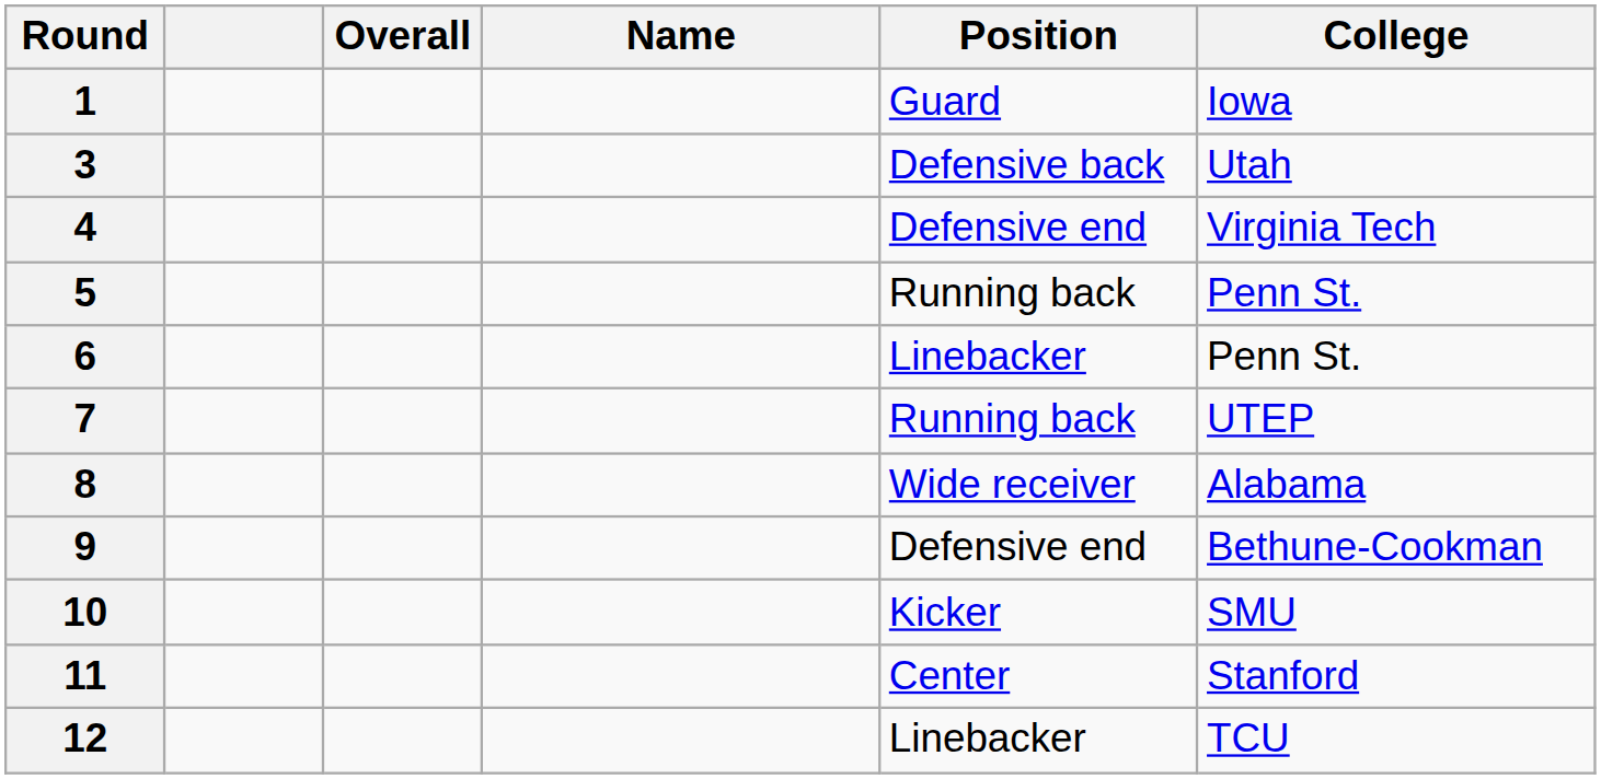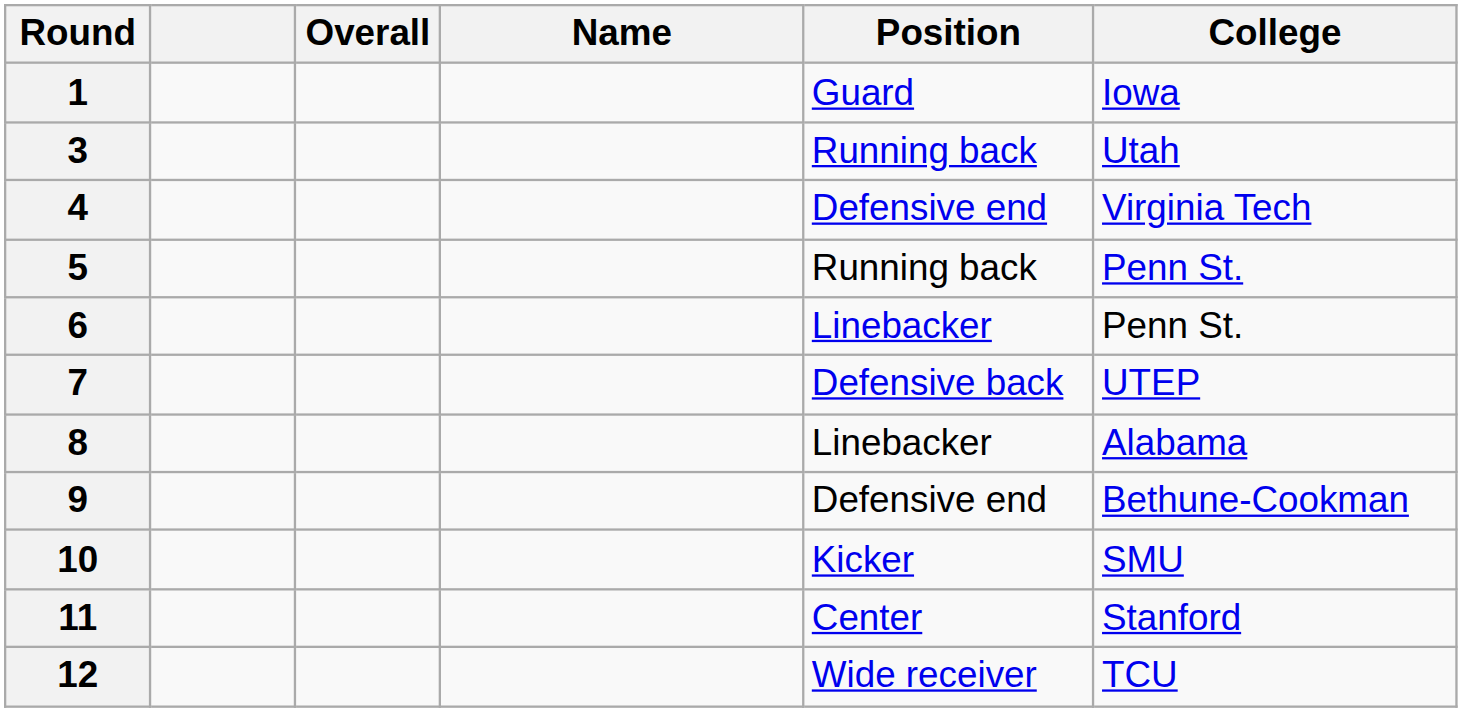 <table class="wikitable sortable" style="width: 50%;">
 <tr>
 <th scope="col" style="width: 10%;">Round</th>
 <th scope="col" style="width: 10%;"></th>
 <th scope="col" style="width: 10%;">Overall</th>
 <th scope="col" style="width: 25%;">Name</th>
 <th scope="col" style="width: 20%;">Position</th>
 <th scope="col" style="width: 25%;">College</th>
 </tr>
 <tr>
 <th scope="row">1</th>
 <td></td>
 <td></td>
 <td></td>
 <td><a href='#'>Guard</a></td>
 <td><a href='#'>Iowa</a></td>
 </tr>
 <tr>
 <th scope="row">3</th>
 <td></td>
 <td></td>
 <td></td>
-<td><a href='#'>Defensive back</a></td>
+<td><a href='#'>Running back</a></td>
 <td><a href='#'>Utah</a></td>
 </tr>
 <tr>
 <th scope="row">4</th>
 <td></td>
 <td></td>
 <td></td>
 <td><a href='#'>Defensive end</a></td>
 <td><a href='#'>Virginia Tech</a></td>
 </tr>
 <tr>
 <th scope="row">5</th>
 <td></td>
 <td></td>
 <td></td>
 <td>Running back</td>
 <td><a href='#'>Penn St.</a></td>
 </tr>
 <tr>
 <th scope="row">6</th>
 <td></td>
 <td></td>
 <td></td>
 <td><a href='#'>Linebacker</a></td>
 <td>Penn St.</td>
 </tr>
 <tr>
 <th scope="row">7</th>
 <td></td>
 <td></td>
 <td></td>
-<td><a href='#'>Running back</a></td>
+<td><a href='#'>Defensive back</a></td>
 <td><a href='#'>UTEP</a></td>
 </tr>
 <tr>
 <th scope="row">8</th>
 <td></td>
 <td></td>
 <td></td>
-<td><a href='#'>Wide receiver</a></td>
+<td>Linebacker</td>
 <td><a href='#'>Alabama</a></td>
 </tr>
 <tr>
 <th scope="row">9</th>
 <td></td>
 <td></td>
 <td></td>
 <td>Defensive end</td>
 <td><a href='#'>Bethune-Cookman</a></td>
 </tr>
 <tr>
 <th scope="row">10</th>
 <td></td>
 <td></td>
 <td></td>
 <td><a href='#'>Kicker</a></td>
 <td><a href='#'>SMU</a></td>
 </tr>
 <tr>
 <th scope="row">11</th>
 <td></td>
 <td></td>
 <td></td>
 <td><a href='#'>Center</a></td>
 <td><a href='#'>Stanford</a></td>
 </tr>
 <tr>
 <th scope="row">12</th>
 <td></td>
 <td></td>
 <td></td>
-<td>Linebacker</td>
+<td><a href='#'>Wide receiver</a></td>
 <td><a href='#'>TCU</a></td>
 </tr>
 </table>
